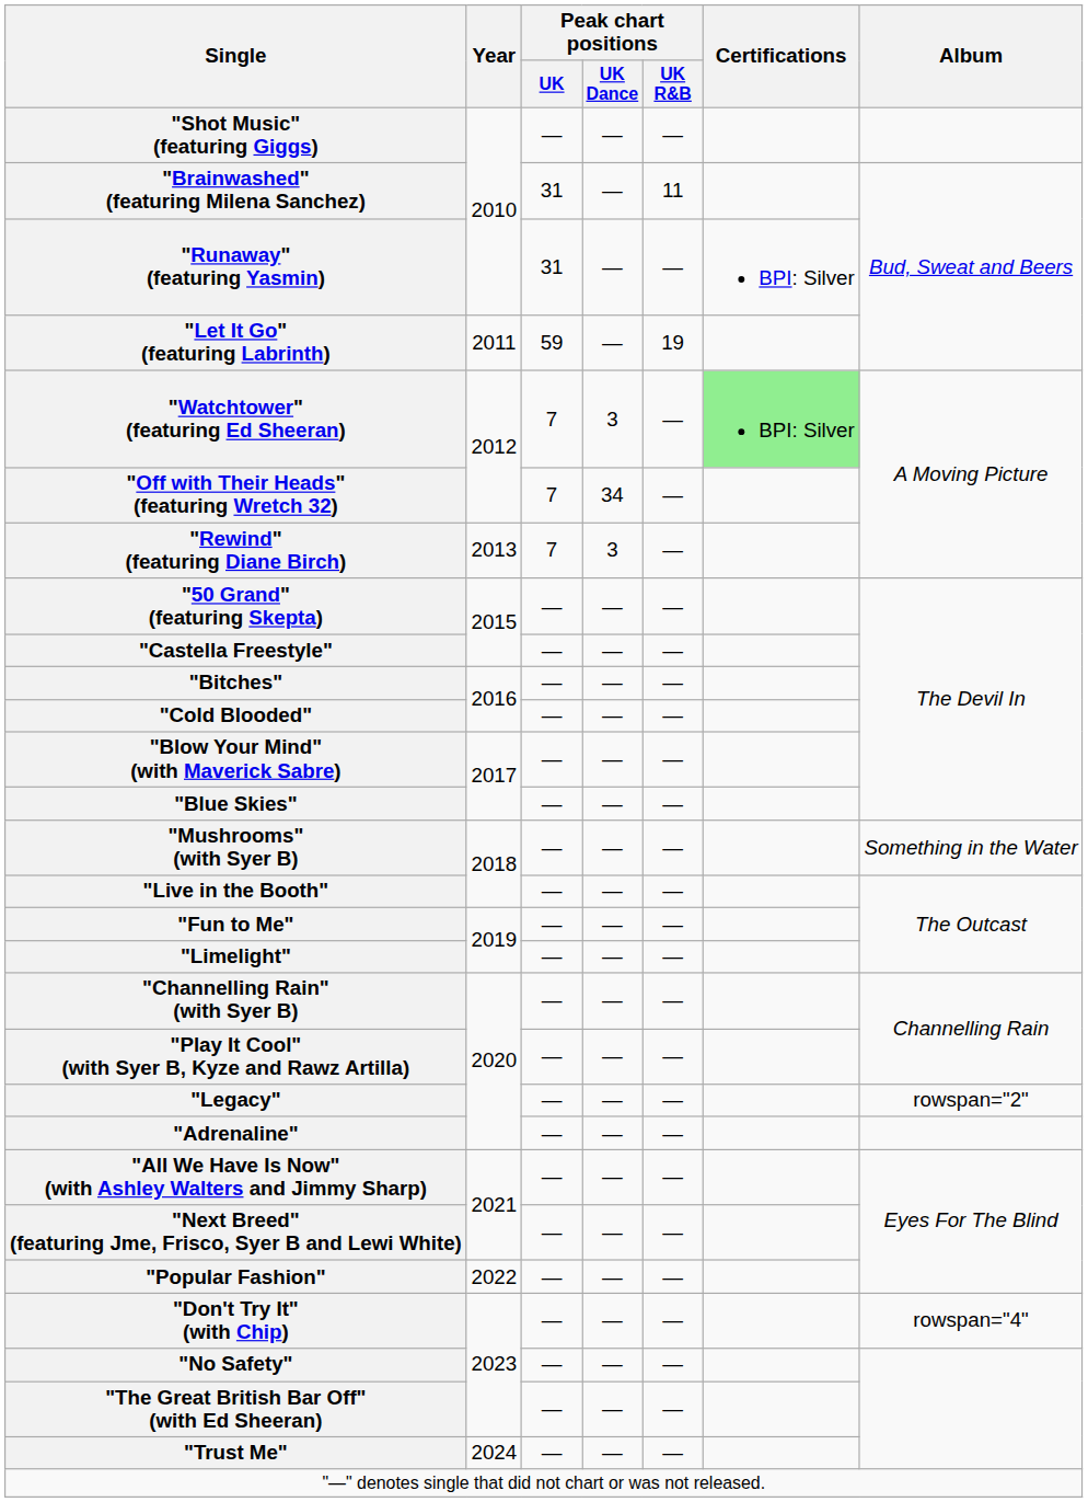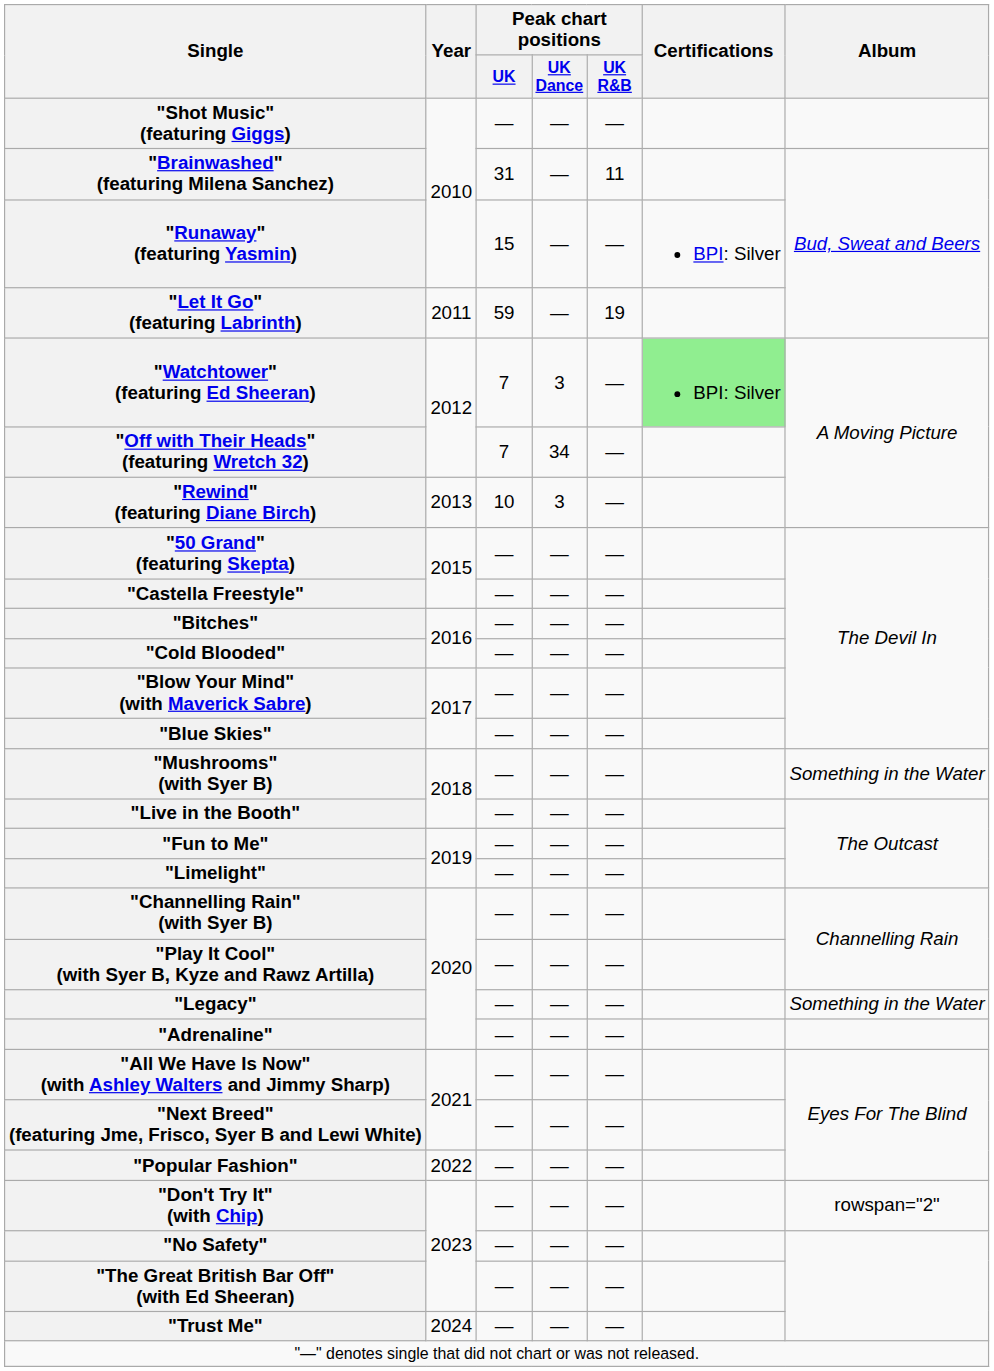 <table class="wikitable plainrowheaders" style="text-align:center;">
 <tr>
 <th scope="col" rowspan="2">Single</th>
 <th scope="col" rowspan="2">Year</th>
 <th scope="col" colspan="3">Peak chart positions</th>
 <th scope="col" rowspan="2">Certifications</th>
 <th scope="col" rowspan="2">Album</th>
 </tr>
 <tr>
 <th scope="col" style="width:3em;font-size:85%;"><a href='#'>UK</a><br></th>
 <th scope="col" style="width:3em;font-size:85%;"><a href='#'>UK<br>Dance</a><br></th>
 <th scope="col" style="width:3em;font-size:85%;"><a href='#'>UK<br>R&B</a><br></th>
 </tr>
 <tr>
 <th scope="row">"Shot Music"<br><span>(featuring <a href='#'>Giggs</a>)</span></th>
 <td rowspan="3">2010</td>
 <td>—</td>
 <td>—</td>
 <td>—</td>
 <td></td>
 <td></td>
 </tr>
 <tr>
 <th scope="row">"<a href='#'>Brainwashed</a>"<br><span>(featuring Milena Sanchez)</span></th>
 <td>31</td>
 <td>—</td>
 <td>11</td>
 <td></td>
 <td rowspan="3"><em><a href='#'>Bud, Sweat and Beers</a></em></td>
 </tr>
 <tr>
 <th scope="row">"<a href='#'>Runaway</a>"<br><span>(featuring <a href='#'>Yasmin</a>)</span></th>
-<td>31</td>
+<td>15</td>
 <td>—</td>
 <td>—</td>
 <td><br><ul><li><a href='#'>BPI</a>: Silver</li></ul></td>
 </tr>
 <tr>
 <th scope="row">"<a href='#'>Let It Go</a>"<br><span>(featuring <a href='#'>Labrinth</a>)</span></th>
 <td rowspan="1">2011</td>
 <td>59</td>
 <td>—</td>
 <td>19</td>
 <td></td>
 </tr>
 <tr>
 <th scope="row">"<a href='#'>Watchtower</a>"<br><span>(featuring <a href='#'>Ed Sheeran</a>)</span></th>
 <td rowspan="2">2012</td>
 <td>7</td>
 <td>3</td>
 <td>—</td>
 <td style="background: lightgreen;"><br><ul><li>BPI: Silver</li></ul></td>
 <td rowspan="3"><em>A Moving Picture</em></td>
 </tr>
 <tr>
 <th scope="row">"<a href='#'>Off with Their Heads</a>"<br><span>(featuring <a href='#'>Wretch 32</a>)</span></th>
 <td>7</td>
 <td>34</td>
 <td>—</td>
 <td></td>
 </tr>
 <tr>
 <th scope="row">"<a href='#'>Rewind</a>"<br><span>(featuring <a href='#'>Diane Birch</a>)</span></th>
 <td rowspan="1">2013</td>
-<td>7</td>
+<td>10</td>
 <td>3</td>
 <td>—</td>
 <td></td>
 </tr>
 <tr>
 <th scope="row">"<a href='#'>50 Grand</a>"<br><span>(featuring <a href='#'>Skepta</a>)</span></th>
 <td rowspan="2">2015</td>
 <td>—</td>
 <td>—</td>
 <td>—</td>
 <td></td>
 <td rowspan="6"><em>The Devil In</em></td>
 </tr>
 <tr>
 <th scope="row">"Castella Freestyle"</th>
 <td>—</td>
 <td>—</td>
 <td>—</td>
 <td></td>
 </tr>
 <tr>
 <th scope="row">"Bitches"</th>
 <td rowspan="2">2016</td>
 <td>—</td>
 <td>—</td>
 <td>—</td>
 <td></td>
 </tr>
 <tr>
 <th scope="row">"Cold Blooded"</th>
 <td>—</td>
 <td>—</td>
 <td>—</td>
 <td></td>
 </tr>
 <tr>
 <th scope="row">"Blow Your Mind"<br><span>(with <a href='#'>Maverick Sabre</a>)</span></th>
 <td rowspan="2">2017</td>
 <td>—</td>
 <td>—</td>
 <td>—</td>
 <td></td>
 </tr>
 <tr>
 <th scope="row">"Blue Skies"</th>
 <td>—</td>
 <td>—</td>
 <td>—</td>
 <td></td>
 </tr>
 <tr>
 <th scope="row">"Mushrooms"<br><span>(with Syer B)</span></th>
 <td rowspan="2">2018</td>
 <td>—</td>
 <td>—</td>
 <td>—</td>
 <td></td>
 <td><em>Something in the Water</em></td>
 </tr>
 <tr>
 <th scope="row">"Live in the Booth"</th>
 <td>—</td>
 <td>—</td>
 <td>—</td>
 <td></td>
 <td rowspan="3"><em>The Outcast</em></td>
 </tr>
 <tr>
 <th scope="row">"Fun to Me"</th>
 <td rowspan="2">2019</td>
 <td>—</td>
 <td>—</td>
 <td>—</td>
 <td></td>
 </tr>
 <tr>
 <th scope="row">"Limelight"</th>
 <td>—</td>
 <td>—</td>
 <td>—</td>
 <td></td>
 </tr>
 <tr>
 <th scope="row">"Channelling Rain"<br><span>(with Syer B)</span></th>
 <td rowspan="4">2020</td>
 <td>—</td>
 <td>—</td>
 <td>—</td>
 <td></td>
 <td rowspan="2"><em>Channelling Rain</em></td>
 </tr>
 <tr>
 <th scope="row">"Play It Cool"<br><span>(with Syer B, Kyze and Rawz Artilla)</span></th>
 <td>—</td>
 <td>—</td>
 <td>—</td>
 <td></td>
 </tr>
 <tr>
 <th scope="row">"Legacy"<br></th>
 <td>—</td>
 <td>—</td>
 <td>—</td>
 <td></td>
-<td>rowspan="2" </td>
+<td><em>Something in the Water</em></td>
 </tr>
 <tr>
 <th scope="row">"Adrenaline"<br></th>
 <td>—</td>
 <td>—</td>
 <td>—</td>
 <td></td>
 </tr>
 <tr>
 <th scope="row">"All We Have Is Now"<br><span>(with <a href='#'>Ashley  Walters</a> and Jimmy Sharp)</span></th>
 <td rowspan="2">2021</td>
 <td>—</td>
 <td>—</td>
 <td>—</td>
 <td></td>
 <td rowspan="3"><em>Eyes For The Blind</em></td>
 </tr>
 <tr>
 <th scope="row">"Next Breed"<br><span>(featuring Jme, Frisco, Syer B and Lewi White)</span></th>
 <td>—</td>
 <td>—</td>
 <td>—</td>
 <td></td>
 </tr>
 <tr>
 <th scope="row">"Popular Fashion"</th>
 <td>2022</td>
 <td>—</td>
 <td>—</td>
 <td>—</td>
 <td></td>
 </tr>
 <tr>
 <th scope="row">"Don't Try It"<br><span>(with <a href='#'>Chip</a>)</span></th>
 <td rowspan="3">2023</td>
 <td>—</td>
 <td>—</td>
 <td>—</td>
 <td></td>
-<td>rowspan="4" </td>
+<td>rowspan="2" </td>
 </tr>
 <tr>
 <th scope="row">"No Safety"</th>
 <td>—</td>
 <td>—</td>
 <td>—</td>
 <td></td>
 </tr>
 <tr>
 <th scope="row">"The Great British Bar Off"<br><span>(with Ed Sheeran)</span></th>
 <td>—</td>
 <td>—</td>
 <td>—</td>
 <td></td>
 </tr>
 <tr>
 <th scope="row">"Trust Me"<br></th>
 <td>2024</td>
 <td>—</td>
 <td>—</td>
 <td>—</td>
 <td></td>
 </tr>
 <tr>
 <td colspan="14" style="font-size:85%">"—" denotes single that did not chart or was not released.</td>
 </tr>
 <tr>
 </tr>
 </table>
